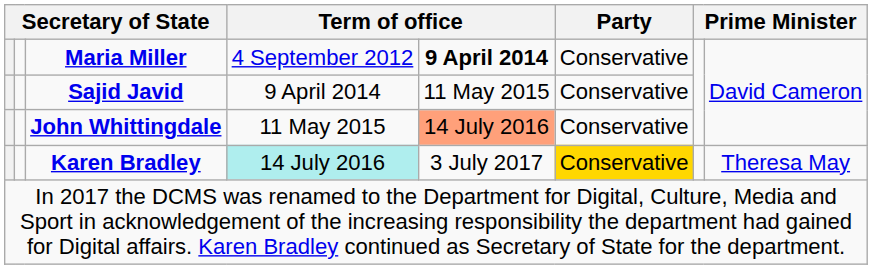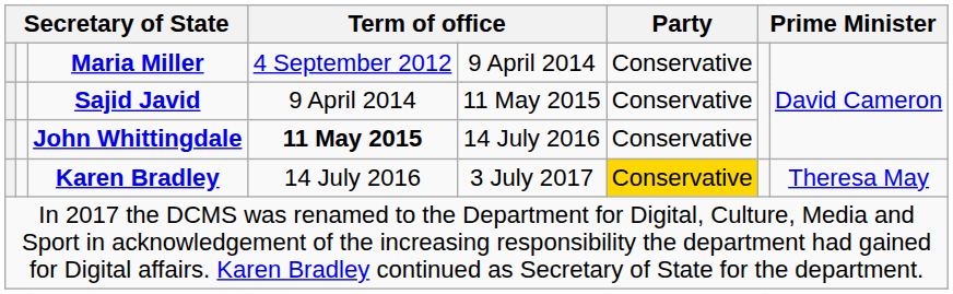 <table class="wikitable" style="text-align:center">
 <tr>
 <th colspan=3>Secretary of State</th>
 <th colspan=2>Term of office</th>
 <th>Party</th>
 <th colspan=2>Prime Minister</th>
 </tr>
 <tr style="height:1em">
 <th style="background-color:"></th>
 <td></td>
 <td><strong><a href='#'>Maria Miller</a></strong><br></td>
 <td><a href='#'>4 September 2012</a></td>
-<td><strong>9 April 2014</strong></td>
+<td>9 April 2014</td>
 <td>Conservative</td>
 <td rowspan=3 style="background-color:"></td>
 <td rowspan="3"><a href='#'>David Cameron</a></td>
 </tr>
 <tr style="height:1em">
 <th style="background-color:"></th>
 <td></td>
 <td><strong><a href='#'>Sajid Javid</a></strong><br></td>
 <td>9 April 2014</td>
 <td>11 May 2015</td>
 <td>Conservative</td>
 </tr>
 <tr style="height:1em">
 <th style="background-color:"></th>
 <td></td>
 <td><strong><a href='#'>John Whittingdale</a></strong><br></td>
-<td>11 May 2015</td>
-<td style="background: lightsalmon;">14 July 2016</td>
+<td><strong>11 May 2015</strong></td>
+<td>14 July 2016</td>
 <td>Conservative</td>
 </tr>
 <tr style="height:1em">
 <th style="background-color:"></th>
 <td></td>
 <td><strong><a href='#'>Karen Bradley</a></strong><br></td>
-<td style="background: paleturquoise;">14 July 2016</td>
+<td>14 July 2016</td>
 <td>3 July 2017</td>
 <td style="background: gold;">Conservative</td>
 <td style="background-color:"></td>
 <td><a href='#'>Theresa May</a></td>
 </tr>
 <tr>
 <td colspan=8 style="width:10px">In 2017 the DCMS was renamed to the Department for Digital, Culture, Media and Sport in acknowledgement of the increasing responsibility the department had gained for Digital affairs. <a href='#'>Karen Bradley</a> continued as Secretary of State for the department.</td>
 </tr>
 </table>
